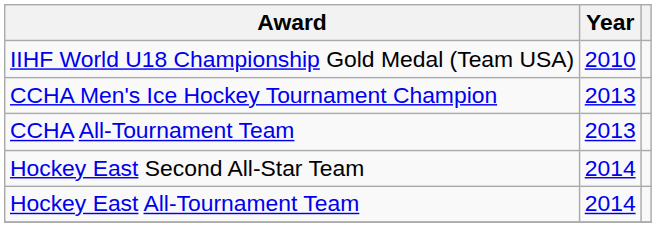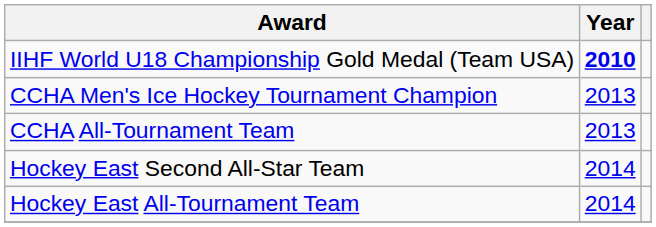 <table class="wikitable">
 <tr>
 <th>Award</th>
 <th>Year</th>
 <th></th>
 </tr>
 <tr>
 <td><a href='#'>IIHF World U18 Championship</a> Gold Medal (Team USA)</td>
-<td><a href='#'>2010</a></td>
+<td><strong><a href='#'>2010</a></strong></td>
 <td></td>
 </tr>
 <tr>
 <td><a href='#'>CCHA Men's Ice Hockey Tournament Champion</a></td>
 <td><a href='#'>2013</a></td>
 <td></td>
 </tr>
 <tr>
 <td><a href='#'>CCHA</a> <a href='#'>All-Tournament Team</a></td>
 <td><a href='#'>2013</a></td>
 <td></td>
 </tr>
 <tr>
 <td><a href='#'>Hockey East</a> Second All-Star Team</td>
 <td><a href='#'>2014</a></td>
 <td></td>
 </tr>
 <tr>
 <td><a href='#'>Hockey East</a> <a href='#'>All-Tournament Team</a></td>
 <td><a href='#'>2014</a></td>
 <td></td>
 </tr>
 <tr>
 </tr>
 </table>
